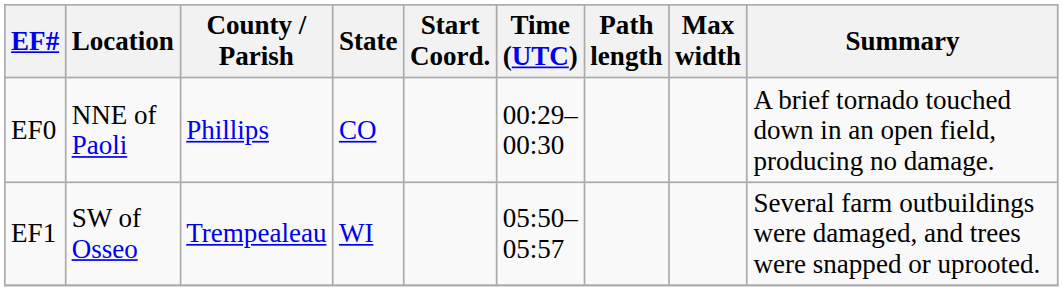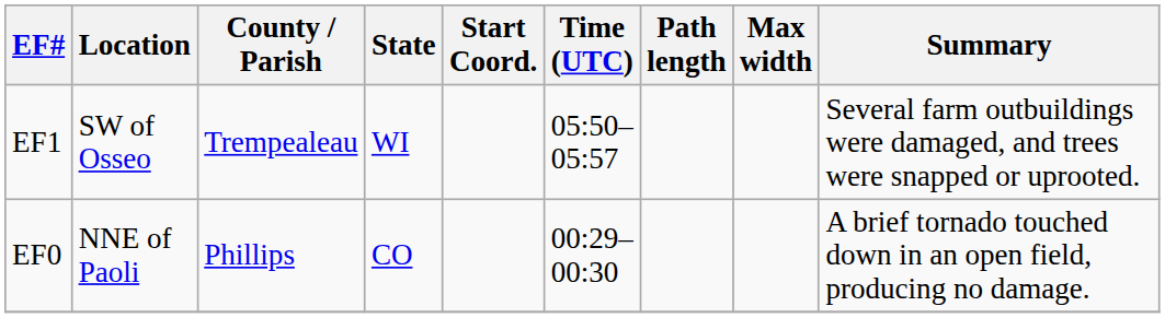 <table class="wikitable sortable" style="width:100%;">
 <tr>
 <th scope="col"  style="width:3%; text-align:center;"><a href='#'>EF#</a></th>
 <th scope="col"  style="width:7%; text-align:center;" class="unsortable">Location</th>
 <th scope="col"  style="width:6%; text-align:center;" class="unsortable">County / Parish</th>
 <th scope="col"  style="width:5%; text-align:center;">State</th>
 <th scope="col"  style="width:6%; text-align:center;">Start Coord.</th>
 <th scope="col"  style="width:6%; text-align:center;">Time (<a href='#'>UTC</a>)</th>
 <th scope="col"  style="width:6%; text-align:center;">Path length</th>
 <th scope="col"  style="width:6%; text-align:center;">Max width</th>
 <th scope="col" class="unsortable" style="width:48%; text-align:center;">Summary</th>
 </tr>
 <tr>
+<td>EF1</td>
+<td>SW of <a href='#'>Osseo</a></td>
+<td><a href='#'>Trempealeau</a></td>
+<td><a href='#'>WI</a></td>
+<td></td>
+<td>05:50–05:57</td>
+<td></td>
+<td></td>
+<td>Several farm outbuildings were damaged, and trees were snapped or uprooted.</td>
+</tr>
+<tr>
 <td>EF0</td>
 <td>NNE of <a href='#'>Paoli</a></td>
 <td><a href='#'>Phillips</a></td>
 <td><a href='#'>CO</a></td>
 <td></td>
 <td>00:29–00:30</td>
 <td></td>
 <td></td>
 <td>A brief tornado touched down in an open field, producing no damage.</td>
 </tr>
 <tr>
-<td>EF1</td>
-<td>SW of <a href='#'>Osseo</a></td>
-<td><a href='#'>Trempealeau</a></td>
-<td><a href='#'>WI</a></td>
-<td></td>
-<td>05:50–05:57</td>
-<td></td>
-<td></td>
-<td>Several farm outbuildings were damaged, and trees were snapped or uprooted.</td>
-</tr>
-<tr>
 </tr>
 </table>
